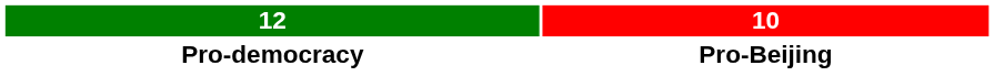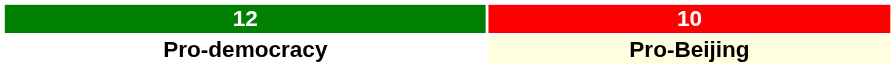 <table style="width:50%; text-align:center;">
 <tr style="color:white;">
 <td style="background:green; width:54.5%;"><strong>12</strong></td>
 <td style="background:red; width:45.5%;"><strong>10</strong></td>
 </tr>
 <tr>
 <td><span><strong>Pro-democracy</strong></span></td>
-<td><span><strong>Pro-Beijing</strong></span></td>
+<td style="background: lightyellow;"><span><strong>Pro-Beijing</strong></span></td>
 </tr>
 </table>
